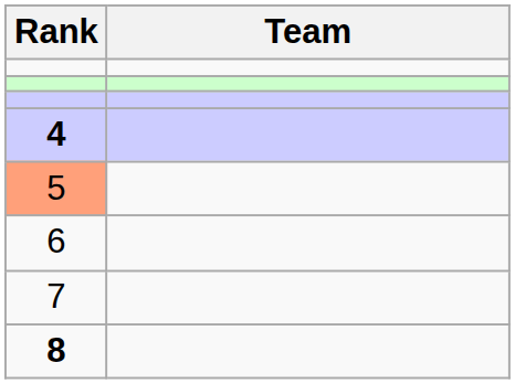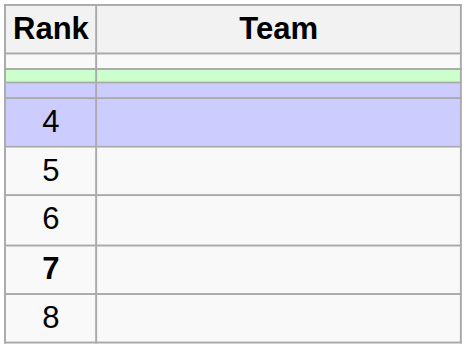 <table class="wikitable">
 <tr>
 <th width=40>Rank</th>
 <th width=180>Team</th>
 </tr>
 <tr>
 <td align=center></td>
 <td align="left"></td>
 </tr>
 <tr bgcolor=#ccffcc>
 <td align=center></td>
 <td align="left"></td>
 </tr>
 <tr bgcolor=#ccccff>
 <td align=center></td>
 <td align="left"></td>
 </tr>
 <tr bgcolor=#ccccff>
-<td align=center><strong>4</strong></td>
+<td align=center>4</td>
 <td align="left"></td>
 </tr>
 <tr>
-<td align=center style="background: lightsalmon;">5</td>
+<td align=center>5</td>
 <td align="left"></td>
 </tr>
 <tr>
 <td align=center>6</td>
 <td align="left"></td>
 </tr>
 <tr>
-<td align=center>7</td>
+<td align=center><strong>7</strong></td>
 <td align="left"></td>
 </tr>
 <tr>
-<td align=center><strong>8</strong></td>
+<td align=center>8</td>
 <td align="left"></td>
 </tr>
 </table>
